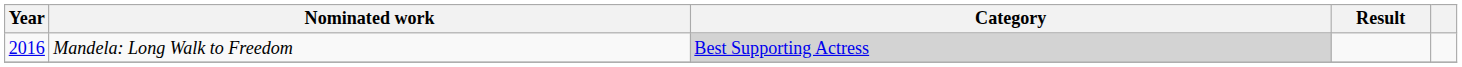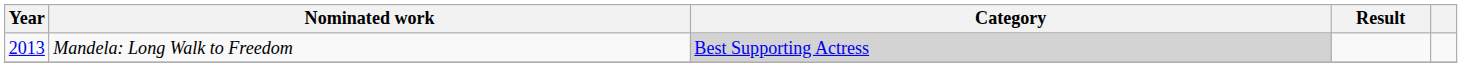 <table class="wikitable">
 <tr>
 <th scope="col" style="width:1em;">Year</th>
 <th scope="col" style="width:35em;">Nominated work</th>
 <th scope="col" style="width:35em;">Category</th>
 <th scope="col" style="width:5em;">Result</th>
 <th scope="col" style="width:1em;"></th>
 </tr>
 <tr>
-<td><a href='#'>2016</a></td>
+<td><a href='#'>2013</a></td>
 <td><em>Mandela: Long Walk to Freedom</em></td>
 <td style="background: lightgrey;"><a href='#'>Best Supporting Actress</a></td>
 <td></td>
 <td></td>
 </tr>
 <tr>
 </tr>
 </table>
